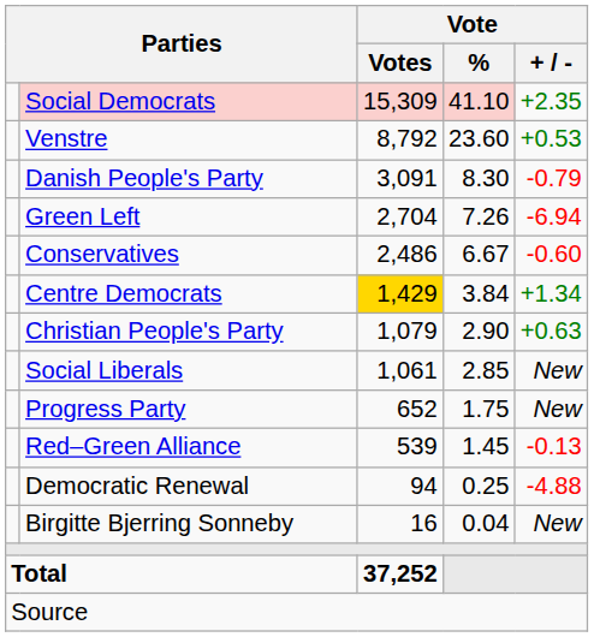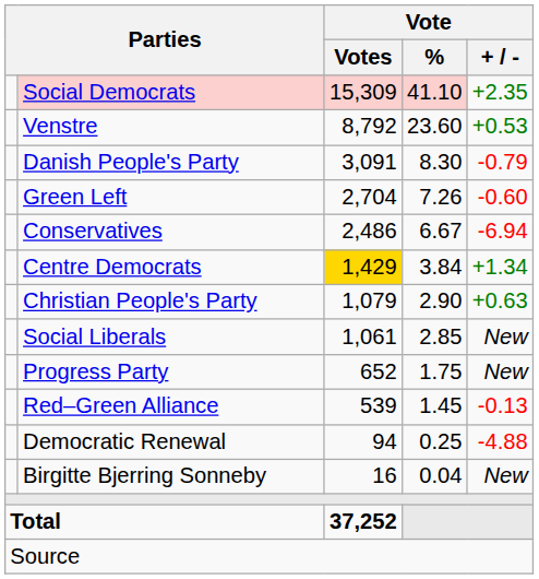 <table class="wikitable" style="text-align:right;">
 <tr>
 <th style="text-align:centre;" rowspan="2" colspan="2" width="225">Parties</th>
 <th colspan="3">Vote</th>
 </tr>
 <tr>
 <th width="15">Votes</th>
 <th width="15">%</th>
 <th width="15">+ / -</th>
 </tr>
 <tr>
 <td width="2" style="color:inherit;background:"></td>
 <td bgcolor=#fbd0ce  align="left"><a href='#'>Social Democrats</a></td>
 <td bgcolor=#fbd0ce>15,309</td>
 <td bgcolor=#fbd0ce>41.10</td>
 <td style=color:green;>+2.35</td>
 </tr>
 <tr>
 <td width="2" style="color:inherit;background:"></td>
 <td align="left"><a href='#'>Venstre</a></td>
 <td>8,792</td>
 <td>23.60</td>
 <td style=color:green;>+0.53</td>
 </tr>
 <tr>
 <td width="2" style="color:inherit;background:"></td>
 <td align="left"><a href='#'>Danish People's Party</a></td>
 <td>3,091</td>
 <td>8.30</td>
 <td style=color:red;>-0.79</td>
 </tr>
 <tr>
 <td width="2" style="color:inherit;background:"></td>
 <td align="left"><a href='#'>Green Left</a></td>
 <td>2,704</td>
 <td>7.26</td>
-<td style=color:red;>-6.94</td>
+<td style=color:red;>-0.60</td>
 </tr>
 <tr>
 <td width="2" style="color:inherit;background:"></td>
 <td align="left"><a href='#'>Conservatives</a></td>
 <td>2,486</td>
 <td>6.67</td>
-<td style=color:red;>-0.60</td>
+<td style=color:red;>-6.94</td>
 </tr>
 <tr>
 <td width="2" style="color:inherit;background:"></td>
 <td align="left"><a href='#'>Centre Democrats</a></td>
 <td style="background: gold;">1,429</td>
 <td>3.84</td>
 <td style=color:green;>+1.34</td>
 </tr>
 <tr>
 <td width="2" style="color:inherit;background:"></td>
 <td align="left"><a href='#'>Christian People's Party</a></td>
 <td>1,079</td>
 <td>2.90</td>
 <td style=color:green;>+0.63</td>
 </tr>
 <tr>
 <td width="2" style="color:inherit;background:"></td>
 <td align="left"><a href='#'>Social Liberals</a></td>
 <td>1,061</td>
 <td>2.85</td>
 <td><em>New</em></td>
 </tr>
 <tr>
 <td width="2" style="color:inherit;background:"></td>
 <td align="left"><a href='#'>Progress Party</a></td>
 <td>652</td>
 <td>1.75</td>
 <td><em>New</em></td>
 </tr>
 <tr>
 <td width="2" style="color:inherit;background:"></td>
 <td align="left"><a href='#'>Red–Green Alliance</a></td>
 <td>539</td>
 <td>1.45</td>
 <td style=color:red;>-0.13</td>
 </tr>
 <tr>
 <td width="2" style="color:inherit;background:"></td>
 <td align="left">Democratic Renewal</td>
 <td>94</td>
 <td>0.25</td>
 <td style=color:red;>-4.88</td>
 </tr>
 <tr>
 <td width="2" style="color:inherit;background:"></td>
 <td align="left">Birgitte Bjerring Sonneby</td>
 <td>16</td>
 <td>0.04</td>
 <td><em>New</em></td>
 </tr>
 <tr>
 <td colspan="7" bgcolor="#E9E9E9"></td>
 </tr>
 <tr>
 <td align="left" colspan="2"><strong>Total</strong></td>
 <td><strong>37,252</strong></td>
 <td bgcolor="#E9E9E9" colspan="2"></td>
 </tr>
 <tr>
 <td align="left" colspan="6">Source</td>
 </tr>
 </table>
